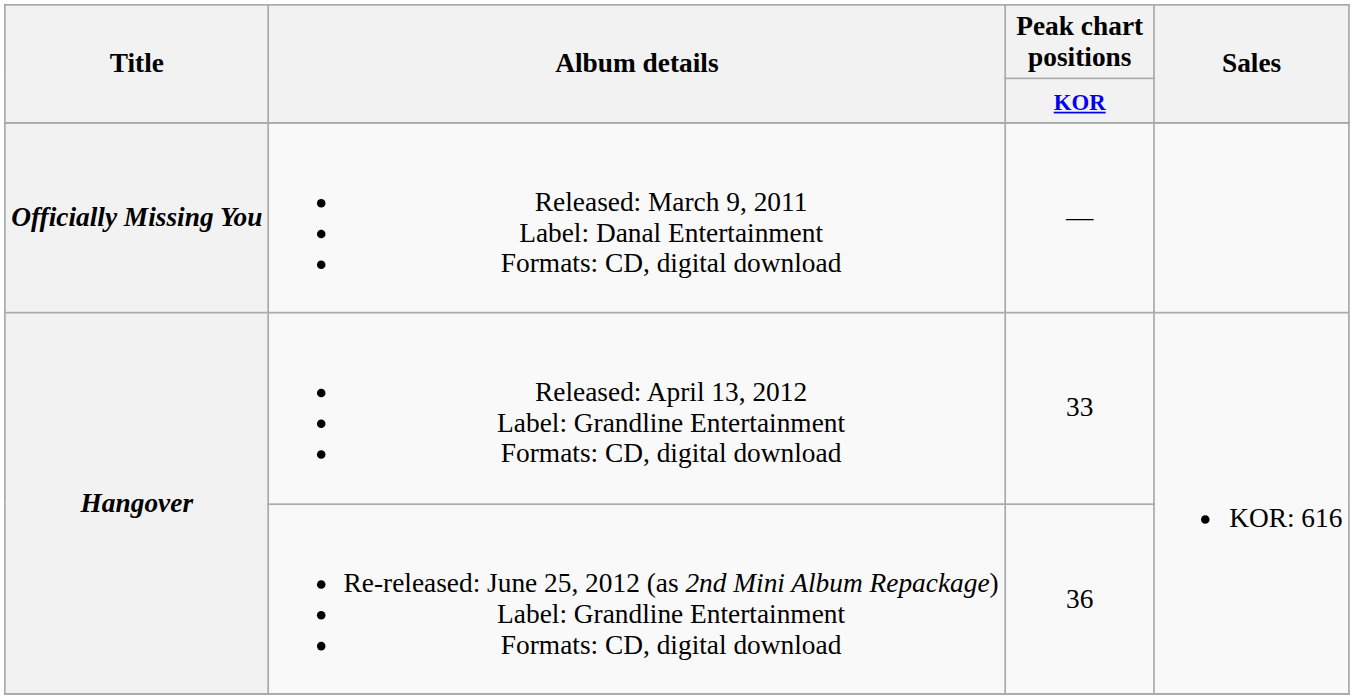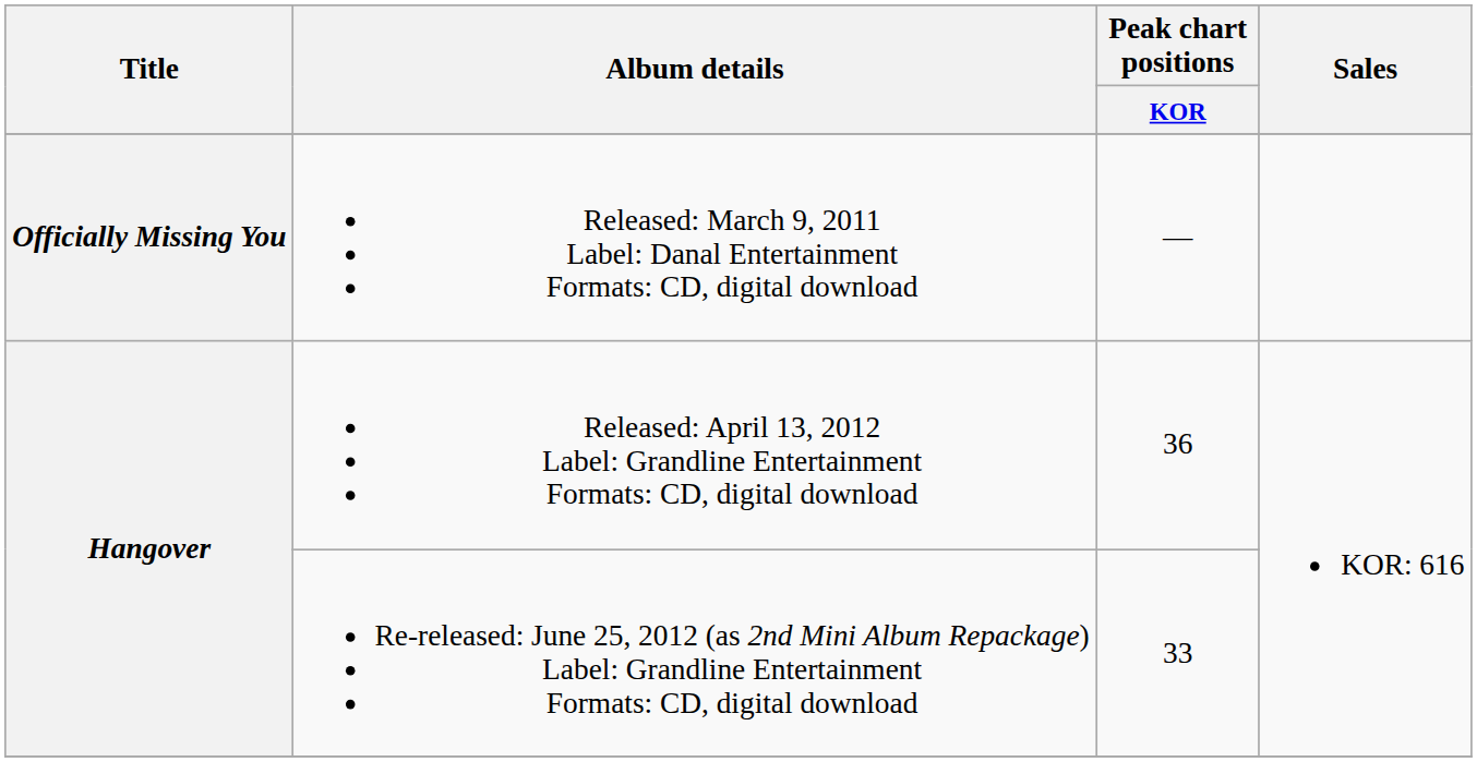 <table class="wikitable plainrowheaders" style="text-align:center;">
 <tr>
 <th scope="col" rowspan="2">Title</th>
 <th scope="col" rowspan="2">Album details</th>
 <th scope="col" colspan="1" style="width:5em;">Peak chart positions</th>
 <th scope="col" rowspan="2">Sales</th>
 </tr>
 <tr>
 <th><small><a href='#'>KOR</a></small><br></th>
 </tr>
 <tr>
 </tr>
 <tr>
 <th scope="row"><em>Officially Missing You</em></th>
 <td><br><ul><li>Released: March 9, 2011</li><li>Label: Danal Entertainment</li><li>Formats: CD, digital download</li></ul></td>
 <td>—</td>
 <td></td>
 </tr>
 <tr>
 <th scope="row" rowspan="2"><em>Hangover</em></th>
 <td><br><ul><li>Released: April 13, 2012</li><li>Label: Grandline Entertainment</li><li>Formats: CD, digital download</li></ul></td>
-<td>33</td>
+<td>36</td>
 <td rowspan="2"><br><ul><li>KOR: 616</li></ul></td>
 </tr>
 <tr>
 <td><br><ul><li>Re-released: June 25, 2012 (as <em>2nd Mini Album Repackage</em>)</li><li>Label: Grandline Entertainment</li><li>Formats: CD, digital download</li></ul></td>
-<td>36</td>
+<td>33</td>
 </tr>
 <tr>
 </tr>
 </table>
